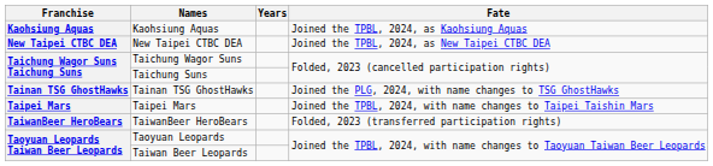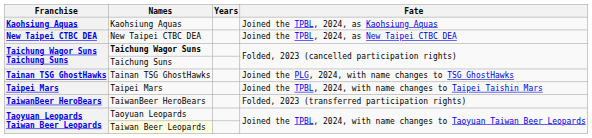 <table class="wikitable" style="text-align:left">
 <tr>
 <th scope="col">Franchise</th>
 <th scope="col">Names</th>
 <th scope="col">Years</th>
 <th scope="col">Fate</th>
 </tr>
 <tr>
 <th scope="row" style="text-align:left;"><a href='#'>Kaohsiung Aquas</a></th>
 <td>Kaohsiung Aquas</td>
 <td></td>
 <td>Joined the <a href='#'>TPBL</a>, 2024, as <a href='#'>Kaohsiung Aquas</a></td>
 </tr>
 <tr>
 <th scope="row" style="text-align:left;"><a href='#'>New Taipei CTBC DEA</a></th>
 <td>New Taipei CTBC DEA</td>
 <td></td>
 <td>Joined the <a href='#'>TPBL</a>, 2024, as <a href='#'>New Taipei CTBC DEA</a></td>
 </tr>
 <tr>
 <th scope="row" style="text-align:left;" rowspan=2><a href='#'>Taichung Wagor Suns<br>Taichung Suns</a></th>
-<td>Taichung Wagor Suns</td>
+<td><strong>Taichung Wagor Suns</strong></td>
 <td></td>
 <td rowspan=2>Folded, 2023 (cancelled participation rights)</td>
 </tr>
 <tr>
 <td>Taichung Suns</td>
 <td></td>
 </tr>
 <tr>
 <th scope="row" style="text-align:left;"><a href='#'>Tainan TSG GhostHawks</a></th>
 <td>Tainan TSG GhostHawks</td>
 <td></td>
 <td>Joined the <a href='#'>PLG</a>, 2024, with name changes to <a href='#'>TSG GhostHawks</a></td>
 </tr>
 <tr>
 <th scope="row" style="text-align:left;"><a href='#'>Taipei Mars</a></th>
 <td>Taipei Mars</td>
 <td></td>
 <td>Joined the <a href='#'>TPBL</a>, 2024, with name changes to <a href='#'>Taipei Taishin Mars</a></td>
 </tr>
 <tr>
 <th scope="row" style="text-align:left;"><a href='#'>TaiwanBeer HeroBears</a></th>
 <td>TaiwanBeer HeroBears</td>
 <td></td>
 <td>Folded, 2023 (transferred participation rights)</td>
 </tr>
 <tr>
 <th scope="row" style="text-align:left;" rowspan=2><a href='#'>Taoyuan Leopards<br>Taiwan Beer Leopards</a></th>
 <td>Taoyuan Leopards</td>
 <td></td>
 <td rowspan=2>Joined the <a href='#'>TPBL</a>, 2024, with name changes to <a href='#'>Taoyuan Taiwan Beer Leopards</a></td>
 </tr>
 <tr>
-<td>Taiwan Beer Leopards</td>
+<td style="background: lightyellow;">Taiwan Beer Leopards</td>
 <td></td>
 </tr>
 </table>
